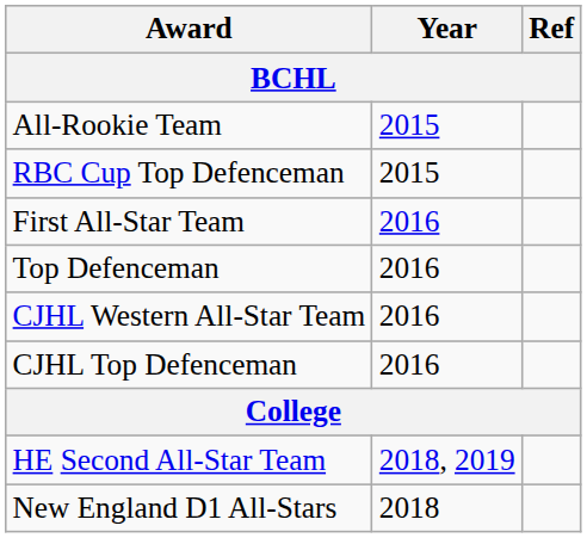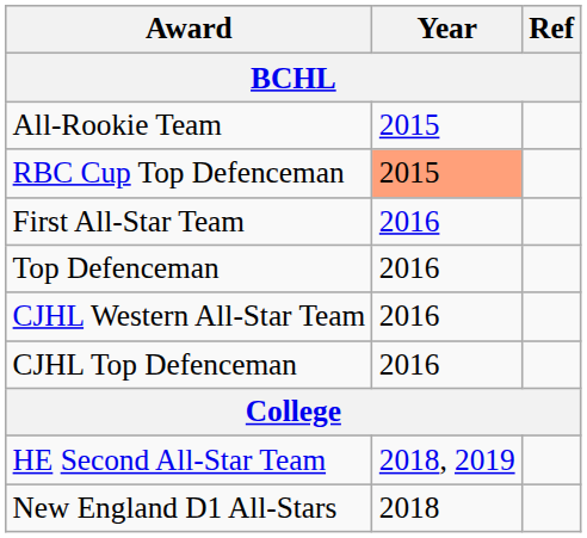 <table class="wikitable">
 <tr>
 <th>Award</th>
 <th>Year</th>
 <th>Ref</th>
 </tr>
 <tr>
 <th colspan="3"><a href='#'>BCHL</a></th>
 </tr>
 <tr>
 <td>All-Rookie Team</td>
 <td><a href='#'>2015</a></td>
 <td></td>
 </tr>
 <tr>
 <td><a href='#'>RBC Cup</a> Top Defenceman</td>
-<td>2015</td>
+<td style="background: lightsalmon;">2015</td>
 <td></td>
 </tr>
 <tr>
 <td>First All-Star Team</td>
 <td><a href='#'>2016</a></td>
 <td></td>
 </tr>
 <tr>
 <td>Top Defenceman</td>
 <td>2016</td>
 <td></td>
 </tr>
 <tr>
 <td><a href='#'>CJHL</a> Western All-Star Team</td>
 <td>2016</td>
 <td></td>
 </tr>
 <tr>
 <td>CJHL Top Defenceman</td>
 <td>2016</td>
 <td></td>
 </tr>
 <tr>
 <th colspan="3"><a href='#'>College</a></th>
 </tr>
 <tr>
 <td><a href='#'>HE</a> <a href='#'>Second All-Star Team</a></td>
 <td><a href='#'>2018</a>, <a href='#'>2019</a></td>
 <td></td>
 </tr>
 <tr>
 <td>New England D1 All-Stars</td>
 <td>2018</td>
 <td></td>
 </tr>
 </table>
